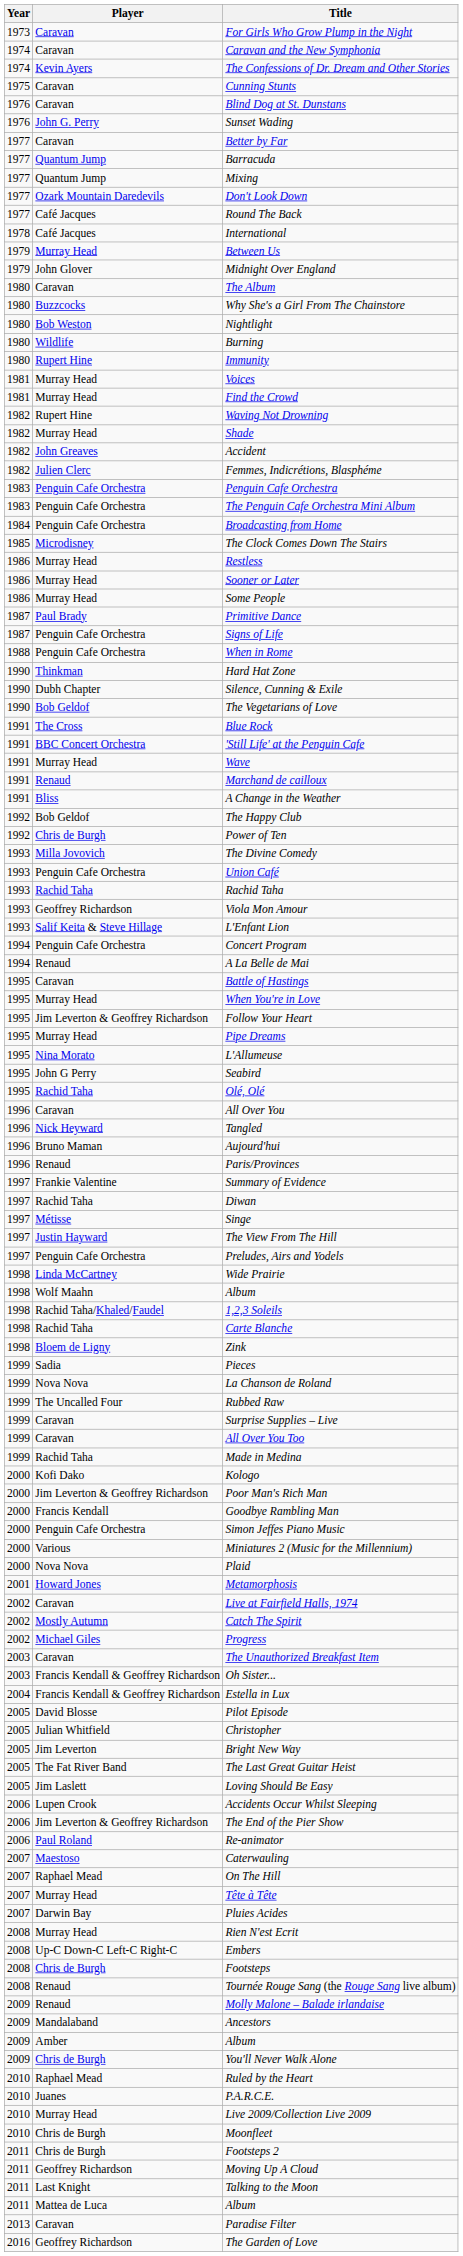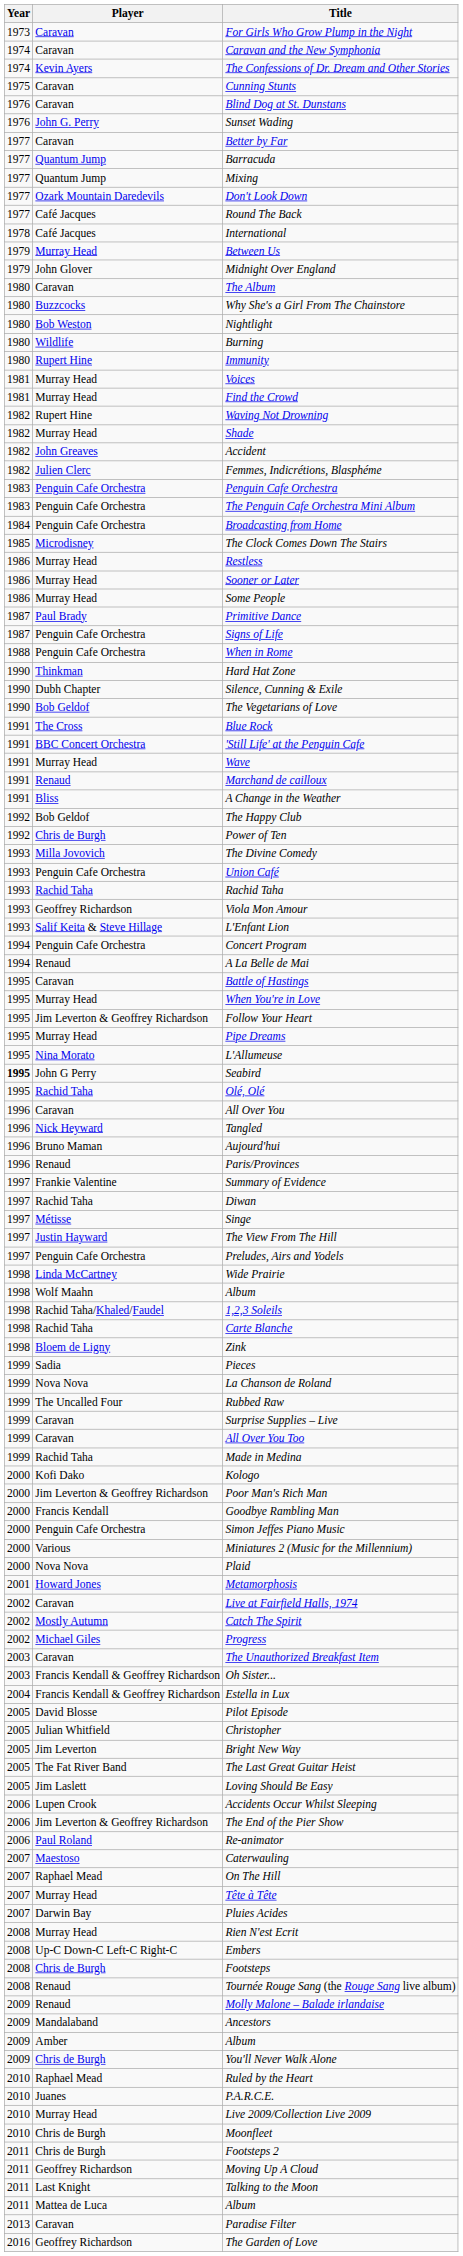 <table class="wikitable">
 <tr>
 <th>Year</th>
 <th>Player</th>
 <th>Title</th>
 </tr>
 <tr>
 <td>1973</td>
 <td><a href='#'>Caravan</a></td>
 <td><em><a href='#'>For Girls Who Grow Plump in the Night</a></em></td>
 </tr>
 <tr>
 <td>1974</td>
 <td>Caravan</td>
 <td><em><a href='#'>Caravan and the New Symphonia</a></em></td>
 </tr>
 <tr>
 <td>1974</td>
 <td><a href='#'>Kevin Ayers</a></td>
 <td><em><a href='#'>The Confessions of Dr. Dream and Other Stories</a></em></td>
 </tr>
 <tr>
 <td>1975</td>
 <td>Caravan</td>
 <td><em><a href='#'>Cunning Stunts</a></em></td>
 </tr>
 <tr>
 <td>1976</td>
 <td>Caravan</td>
 <td><em><a href='#'>Blind Dog at St. Dunstans</a></em></td>
 </tr>
 <tr>
 <td>1976</td>
 <td><a href='#'>John G. Perry</a></td>
 <td><em>Sunset Wading</em></td>
 </tr>
 <tr>
 <td>1977</td>
 <td>Caravan</td>
 <td><em><a href='#'>Better by Far</a></em></td>
 </tr>
 <tr>
 <td>1977</td>
 <td><a href='#'>Quantum Jump</a></td>
 <td><em>Barracuda</em></td>
 </tr>
 <tr>
 <td>1977</td>
 <td>Quantum Jump</td>
 <td><em>Mixing</em></td>
 </tr>
 <tr>
 <td>1977</td>
 <td><a href='#'>Ozark Mountain Daredevils</a></td>
 <td><em><a href='#'>Don't Look Down</a></em></td>
 </tr>
 <tr>
 <td>1977</td>
 <td>Café Jacques</td>
 <td><em>Round The Back</em></td>
 </tr>
 <tr>
 <td>1978</td>
 <td>Café Jacques</td>
 <td><em>International</em></td>
 </tr>
 <tr>
 <td>1979</td>
 <td><a href='#'>Murray Head</a></td>
 <td><em><a href='#'>Between Us</a></em></td>
 </tr>
 <tr>
 <td>1979</td>
 <td>John Glover</td>
 <td><em>Midnight Over England</em></td>
 </tr>
 <tr>
 <td>1980</td>
 <td>Caravan</td>
 <td><em><a href='#'>The Album</a></em></td>
 </tr>
 <tr>
 <td>1980</td>
 <td><a href='#'>Buzzcocks</a></td>
 <td><em>Why She's a Girl From The Chainstore</em></td>
 </tr>
 <tr>
 <td>1980</td>
 <td><a href='#'>Bob Weston</a></td>
 <td><em>Nightlight</em></td>
 </tr>
 <tr>
 <td>1980</td>
 <td><a href='#'>Wildlife</a></td>
 <td><em>Burning</em></td>
 </tr>
 <tr>
 <td>1980</td>
 <td><a href='#'>Rupert Hine</a></td>
 <td><em><a href='#'>Immunity</a></em></td>
 </tr>
 <tr>
 <td>1981</td>
 <td>Murray Head</td>
 <td><em><a href='#'>Voices</a></em></td>
 </tr>
 <tr>
 <td>1981</td>
 <td>Murray Head</td>
 <td><em><a href='#'>Find the Crowd</a></em></td>
 </tr>
 <tr>
 <td>1982</td>
 <td>Rupert Hine</td>
 <td><em><a href='#'>Waving Not Drowning</a></em></td>
 </tr>
 <tr>
 <td>1982</td>
 <td>Murray Head</td>
 <td><em><a href='#'>Shade</a></em></td>
 </tr>
 <tr>
 <td>1982</td>
 <td><a href='#'>John Greaves</a></td>
 <td><em>Accident</em></td>
 </tr>
 <tr>
 <td>1982</td>
 <td><a href='#'>Julien Clerc</a></td>
 <td><em>Femmes, Indicrétions, Blasphéme</em></td>
 </tr>
 <tr>
 <td>1983</td>
 <td><a href='#'>Penguin Cafe Orchestra</a></td>
 <td><em><a href='#'>Penguin Cafe Orchestra</a></em></td>
 </tr>
 <tr>
 <td>1983</td>
 <td>Penguin Cafe Orchestra</td>
 <td><em><a href='#'>The Penguin Cafe Orchestra Mini Album</a></em></td>
 </tr>
 <tr>
 <td>1984</td>
 <td>Penguin Cafe Orchestra</td>
 <td><em><a href='#'>Broadcasting from Home</a></em></td>
 </tr>
 <tr>
 <td>1985</td>
 <td><a href='#'>Microdisney</a></td>
 <td><em>The Clock Comes Down The Stairs</em></td>
 </tr>
 <tr>
 <td>1986</td>
 <td>Murray Head</td>
 <td><em><a href='#'>Restless</a></em></td>
 </tr>
 <tr>
 <td>1986</td>
 <td>Murray Head</td>
 <td><em><a href='#'>Sooner or Later</a></em></td>
 </tr>
 <tr>
 <td>1986</td>
 <td>Murray Head</td>
 <td><em>Some People</em></td>
 </tr>
 <tr>
 <td>1987</td>
 <td><a href='#'>Paul Brady</a></td>
 <td><em><a href='#'>Primitive Dance</a></em></td>
 </tr>
 <tr>
 <td>1987</td>
 <td>Penguin Cafe Orchestra</td>
 <td><em><a href='#'>Signs of Life</a></em></td>
 </tr>
 <tr>
 <td>1988</td>
 <td>Penguin Cafe Orchestra</td>
 <td><em><a href='#'>When in Rome</a></em></td>
 </tr>
 <tr>
 <td>1990</td>
 <td><a href='#'>Thinkman</a></td>
 <td><em>Hard Hat Zone</em></td>
 </tr>
 <tr>
 <td>1990</td>
 <td>Dubh Chapter</td>
 <td><em>Silence, Cunning & Exile</em></td>
 </tr>
 <tr>
 <td>1990</td>
 <td><a href='#'>Bob Geldof</a></td>
 <td><em>The Vegetarians of Love</em></td>
 </tr>
 <tr>
 <td>1991</td>
 <td><a href='#'>The Cross</a></td>
 <td><em><a href='#'>Blue Rock</a></em></td>
 </tr>
 <tr>
 <td>1991</td>
 <td><a href='#'>BBC Concert Orchestra</a></td>
 <td><em><a href='#'>'Still Life' at the Penguin Cafe</a></em></td>
 </tr>
 <tr>
 <td>1991</td>
 <td>Murray Head</td>
 <td><em><a href='#'>Wave</a></em></td>
 </tr>
 <tr>
 <td>1991</td>
 <td><a href='#'>Renaud</a></td>
 <td><em><a href='#'>Marchand de cailloux</a></em></td>
 </tr>
 <tr>
 <td>1991</td>
 <td><a href='#'>Bliss</a></td>
 <td><em>A Change in the Weather</em></td>
 </tr>
 <tr>
 <td>1992</td>
 <td>Bob Geldof</td>
 <td><em>The Happy Club</em></td>
 </tr>
 <tr>
 <td>1992</td>
 <td><a href='#'>Chris de Burgh</a></td>
 <td><em>Power of Ten</em></td>
 </tr>
 <tr>
 <td>1993</td>
 <td><a href='#'>Milla Jovovich</a></td>
 <td><em>The Divine Comedy</em></td>
 </tr>
 <tr>
 <td>1993</td>
 <td>Penguin Cafe Orchestra</td>
 <td><em><a href='#'>Union Café</a></em></td>
 </tr>
 <tr>
 <td>1993</td>
 <td><a href='#'>Rachid Taha</a></td>
 <td><em>Rachid Taha</em></td>
 </tr>
 <tr>
 <td>1993</td>
 <td>Geoffrey Richardson</td>
 <td><em>Viola Mon Amour</em></td>
 </tr>
 <tr>
 <td>1993</td>
 <td><a href='#'>Salif Keita</a> & <a href='#'>Steve Hillage</a></td>
 <td><em>L'Enfant Lion</em></td>
 </tr>
 <tr>
 <td>1994</td>
 <td>Penguin Cafe Orchestra</td>
 <td><em>Concert Program</em></td>
 </tr>
 <tr>
 <td>1994</td>
 <td>Renaud</td>
 <td><em>A La Belle de Mai</em></td>
 </tr>
 <tr>
 <td>1995</td>
 <td>Caravan</td>
 <td><em><a href='#'>Battle of Hastings</a></em></td>
 </tr>
 <tr>
 <td>1995</td>
 <td>Murray Head</td>
 <td><em><a href='#'>When You're in Love</a></em></td>
 </tr>
 <tr>
 <td>1995</td>
 <td>Jim Leverton & Geoffrey Richardson</td>
 <td><em>Follow Your Heart</em></td>
 </tr>
 <tr>
 <td>1995</td>
 <td>Murray Head</td>
 <td><em><a href='#'>Pipe Dreams</a></em></td>
 </tr>
 <tr>
 <td>1995</td>
 <td><a href='#'>Nina Morato</a></td>
 <td><em>L'Allumeuse</em></td>
 </tr>
 <tr>
-<td>1995</td>
+<td><strong>1995</strong></td>
 <td>John G Perry</td>
 <td><em>Seabird</em></td>
 </tr>
 <tr>
 <td>1995</td>
 <td><a href='#'>Rachid Taha</a></td>
 <td><em><a href='#'>Olé, Olé</a></em></td>
 </tr>
 <tr>
 <td>1996</td>
 <td>Caravan</td>
 <td><em>All Over You</em></td>
 </tr>
 <tr>
 <td>1996</td>
 <td><a href='#'>Nick Heyward</a></td>
 <td><em>Tangled</em></td>
 </tr>
 <tr>
 <td>1996</td>
 <td>Bruno Maman</td>
 <td><em>Aujourd'hui</em></td>
 </tr>
 <tr>
 <td>1996</td>
 <td>Renaud</td>
 <td><em>Paris/Provinces</em></td>
 </tr>
 <tr>
 <td>1997</td>
 <td>Frankie Valentine</td>
 <td><em>Summary of Evidence</em></td>
 </tr>
 <tr>
 <td>1997</td>
 <td>Rachid Taha</td>
 <td><em>Diwan</em></td>
 </tr>
 <tr>
 <td>1997</td>
 <td><a href='#'>Métisse</a></td>
 <td><em>Singe</em></td>
 </tr>
 <tr>
 <td>1997</td>
 <td><a href='#'>Justin Hayward</a></td>
 <td><em>The View From The Hill</em></td>
 </tr>
 <tr>
 <td>1997</td>
 <td>Penguin Cafe Orchestra</td>
 <td><em>Preludes, Airs and Yodels</em></td>
 </tr>
 <tr>
 <td>1998</td>
 <td><a href='#'>Linda McCartney</a></td>
 <td><em>Wide Prairie</em></td>
 </tr>
 <tr>
 <td>1998</td>
 <td>Wolf Maahn</td>
 <td><em>Album</em></td>
 </tr>
 <tr>
 <td>1998</td>
 <td>Rachid Taha/<a href='#'>Khaled</a>/<a href='#'>Faudel</a></td>
 <td><em><a href='#'>1,2,3 Soleils</a></em></td>
 </tr>
 <tr>
 <td>1998</td>
 <td>Rachid Taha</td>
 <td><em><a href='#'>Carte Blanche</a></em></td>
 </tr>
 <tr>
 <td>1998</td>
 <td><a href='#'>Bloem de Ligny</a></td>
 <td><em>Zink</em></td>
 </tr>
 <tr>
 <td>1999</td>
 <td>Sadia</td>
 <td><em>Pieces</em></td>
 </tr>
 <tr>
 <td>1999</td>
 <td>Nova Nova</td>
 <td><em>La Chanson de Roland</em></td>
 </tr>
 <tr>
 <td>1999</td>
 <td>The Uncalled Four</td>
 <td><em>Rubbed Raw</em></td>
 </tr>
 <tr>
 <td>1999</td>
 <td>Caravan</td>
 <td><em>Surprise Supplies – Live</em></td>
 </tr>
 <tr>
 <td>1999</td>
 <td>Caravan</td>
 <td><em><a href='#'>All Over You Too</a></em></td>
 </tr>
 <tr>
 <td>1999</td>
 <td>Rachid Taha</td>
 <td><em>Made in Medina</em></td>
 </tr>
 <tr>
 <td>2000</td>
 <td>Kofi Dako</td>
 <td><em>Kologo</em></td>
 </tr>
 <tr>
 <td>2000</td>
 <td>Jim Leverton & Geoffrey Richardson</td>
 <td><em>Poor Man's Rich Man</em></td>
 </tr>
 <tr>
 <td>2000</td>
 <td>Francis Kendall</td>
 <td><em>Goodbye Rambling Man</em></td>
 </tr>
 <tr>
 <td>2000</td>
 <td>Penguin Cafe Orchestra</td>
 <td><em>Simon Jeffes Piano Music</em></td>
 </tr>
 <tr>
 <td>2000</td>
 <td>Various</td>
 <td><em>Miniatures 2 (Music for the Millennium)</em></td>
 </tr>
 <tr>
 <td>2000</td>
 <td>Nova Nova</td>
 <td><em>Plaid</em></td>
 </tr>
 <tr>
 <td>2001</td>
 <td><a href='#'>Howard Jones</a></td>
 <td><em><a href='#'>Metamorphosis</a></em></td>
 </tr>
 <tr>
 <td>2002</td>
 <td>Caravan</td>
 <td><em><a href='#'>Live at Fairfield Halls, 1974</a></em></td>
 </tr>
 <tr>
 <td>2002</td>
 <td><a href='#'>Mostly Autumn</a></td>
 <td><em><a href='#'>Catch The Spirit</a></em></td>
 </tr>
 <tr>
 <td>2002</td>
 <td><a href='#'>Michael Giles</a></td>
 <td><em><a href='#'>Progress</a></em></td>
 </tr>
 <tr>
 <td>2003</td>
 <td>Caravan</td>
 <td><em><a href='#'>The Unauthorized Breakfast Item</a></em></td>
 </tr>
 <tr>
 <td>2003</td>
 <td>Francis Kendall & Geoffrey Richardson</td>
 <td><em>Oh Sister...</em></td>
 </tr>
 <tr>
 <td>2004</td>
 <td>Francis Kendall & Geoffrey Richardson</td>
 <td><em>Estella in Lux</em></td>
 </tr>
 <tr>
 <td>2005</td>
 <td>David Blosse</td>
 <td><em>Pilot Episode</em></td>
 </tr>
 <tr>
 <td>2005</td>
 <td>Julian Whitfield</td>
 <td><em>Christopher</em></td>
 </tr>
 <tr>
 <td>2005</td>
 <td>Jim Leverton</td>
 <td><em>Bright New Way</em></td>
 </tr>
 <tr>
 <td>2005</td>
 <td>The Fat River Band</td>
 <td><em>The Last Great Guitar Heist</em></td>
 </tr>
 <tr>
 <td>2005</td>
 <td>Jim Laslett</td>
 <td><em>Loving Should Be Easy</em></td>
 </tr>
 <tr>
 <td>2006</td>
 <td>Lupen Crook</td>
 <td><em>Accidents Occur Whilst Sleeping</em></td>
 </tr>
 <tr>
 <td>2006</td>
 <td>Jim Leverton & Geoffrey Richardson</td>
 <td><em>The End of the Pier Show</em></td>
 </tr>
 <tr>
 <td>2006</td>
 <td><a href='#'>Paul Roland</a></td>
 <td><em>Re-animator</em></td>
 </tr>
 <tr>
 <td>2007</td>
 <td><a href='#'>Maestoso</a></td>
 <td><em>Caterwauling</em></td>
 </tr>
 <tr>
 <td>2007</td>
 <td>Raphael Mead</td>
 <td><em>On The Hill</em></td>
 </tr>
 <tr>
 <td>2007</td>
 <td>Murray Head</td>
 <td><em><a href='#'>Tête à Tête</a></em></td>
 </tr>
 <tr>
 <td>2007</td>
 <td>Darwin Bay</td>
 <td><em>Pluies Acides</em></td>
 </tr>
 <tr>
 <td>2008</td>
 <td>Murray Head</td>
 <td><em>Rien N'est Ecrit</em></td>
 </tr>
 <tr>
 <td>2008</td>
 <td>Up-C Down-C Left-C Right-C</td>
 <td><em>Embers</em></td>
 </tr>
 <tr>
 <td>2008</td>
 <td><a href='#'>Chris de Burgh</a></td>
 <td><em>Footsteps</em></td>
 </tr>
 <tr>
 <td>2008</td>
 <td>Renaud</td>
 <td><em>Tournée Rouge Sang</em> (the <em><a href='#'>Rouge Sang</a></em> live album)</td>
 </tr>
 <tr>
 <td>2009</td>
 <td>Renaud</td>
 <td><em><a href='#'>Molly Malone – Balade irlandaise</a></em></td>
 </tr>
 <tr>
 <td>2009</td>
 <td>Mandalaband</td>
 <td><em>Ancestors</em></td>
 </tr>
 <tr>
 <td>2009</td>
 <td>Amber</td>
 <td><em>Album</em></td>
 </tr>
 <tr>
 <td>2009</td>
 <td><a href='#'>Chris de Burgh</a></td>
 <td><em>You'll Never Walk Alone</em></td>
 </tr>
 <tr>
 <td>2010</td>
 <td>Raphael Mead</td>
 <td><em>Ruled by the Heart</em></td>
 </tr>
 <tr>
 <td>2010</td>
 <td>Juanes</td>
 <td><em>P.A.R.C.E.</em></td>
 </tr>
 <tr>
 <td>2010</td>
 <td>Murray Head</td>
 <td><em>Live 2009/Collection Live 2009</em></td>
 </tr>
 <tr>
 <td>2010</td>
 <td>Chris de Burgh</td>
 <td><em>Moonfleet</em></td>
 </tr>
 <tr>
 <td>2011</td>
 <td>Chris de Burgh</td>
 <td><em>Footsteps 2</em></td>
 </tr>
 <tr>
 <td>2011</td>
 <td>Geoffrey Richardson</td>
 <td><em>Moving Up A Cloud</em></td>
 </tr>
 <tr>
 <td>2011</td>
 <td>Last Knight</td>
 <td><em>Talking to the Moon</em></td>
 </tr>
 <tr>
 <td>2011</td>
 <td>Mattea de Luca</td>
 <td><em>Album</em></td>
 </tr>
 <tr>
 <td>2013</td>
 <td>Caravan</td>
 <td><em>Paradise Filter</em></td>
 </tr>
 <tr>
 <td>2016</td>
 <td>Geoffrey Richardson</td>
 <td><em>The Garden of Love</em></td>
 </tr>
 </table>
